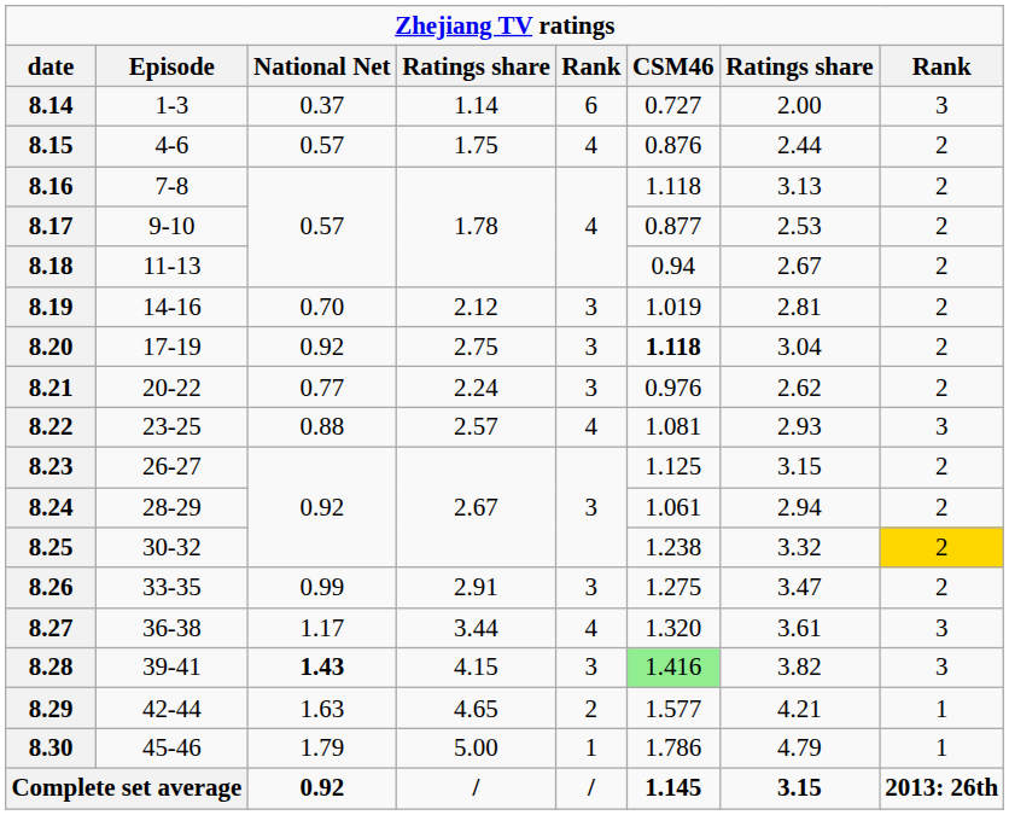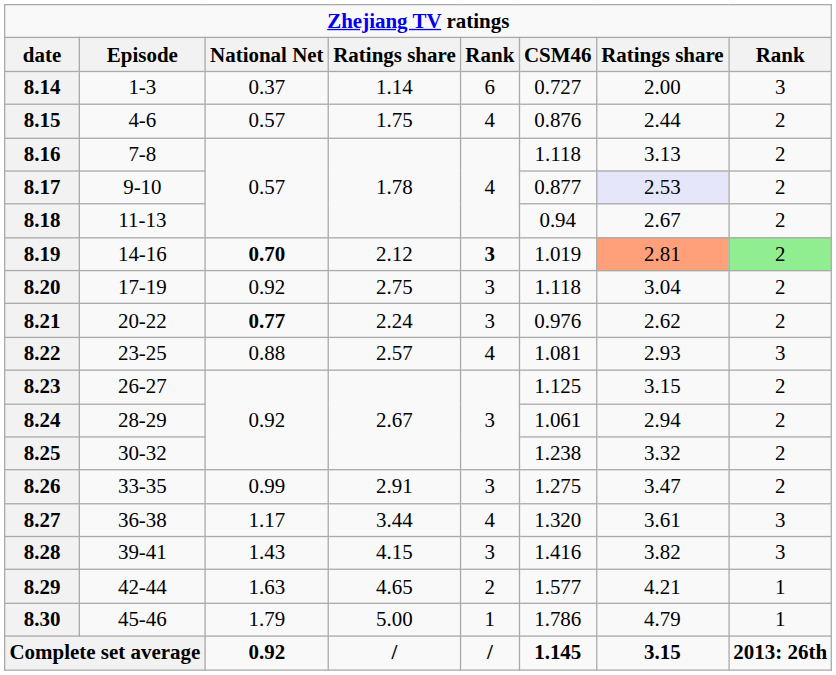 <table class="wikitable sortable mw-collapsible jquery-tablesorter" style="text-align:center">
 <tr>
 <td colspan="8"><strong><a href='#'>Zhejiang TV</a> ratings</strong></td>
 </tr>
 <tr>
 <th>date</th>
 <th>Episode</th>
 <th>National Net</th>
 <th>Ratings share</th>
 <th>Rank</th>
 <th>CSM46</th>
 <th>Ratings share</th>
 <th>Rank</th>
 </tr>
 <tr>
 <th>8.14</th>
 <td>1-3</td>
 <td>0.37</td>
 <td>1.14</td>
 <td>6</td>
 <td>0.727</td>
 <td>2.00</td>
 <td>3</td>
 </tr>
 <tr>
 <th>8.15</th>
 <td>4-6</td>
 <td>0.57</td>
 <td>1.75</td>
 <td>4</td>
 <td>0.876</td>
 <td>2.44</td>
 <td>2</td>
 </tr>
 <tr>
 <th>8.16</th>
 <td>7-8</td>
 <td rowspan="3">0.57</td>
 <td rowspan="3">1.78</td>
 <td rowspan="3">4</td>
 <td>1.118</td>
 <td>3.13</td>
 <td>2</td>
 </tr>
 <tr>
 <th>8.17</th>
 <td>9-10</td>
 <td>0.877</td>
-<td>2.53</td>
+<td style="background: lavender;">2.53</td>
 <td>2</td>
 </tr>
 <tr>
 <th>8.18</th>
 <td>11-13</td>
 <td>0.94</td>
 <td>2.67</td>
 <td>2</td>
 </tr>
 <tr>
 <th>8.19</th>
 <td>14-16</td>
-<td>0.70</td>
+<td><strong>0.70</strong></td>
 <td>2.12</td>
-<td>3</td>
+<td><strong>3</strong></td>
 <td>1.019</td>
-<td>2.81</td>
-<td>2</td>
+<td style="background: lightsalmon;">2.81</td>
+<td style="background: lightgreen;">2</td>
 </tr>
 <tr>
 <th>8.20</th>
 <td>17-19</td>
 <td>0.92</td>
 <td>2.75</td>
 <td>3</td>
-<td><strong>1.118</strong></td>
+<td>1.118</td>
 <td>3.04</td>
 <td>2</td>
 </tr>
 <tr>
 <th>8.21</th>
 <td>20-22</td>
-<td>0.77</td>
+<td><strong>0.77</strong></td>
 <td>2.24</td>
 <td>3</td>
 <td>0.976</td>
 <td>2.62</td>
 <td>2</td>
 </tr>
 <tr>
 <th>8.22</th>
 <td>23-25</td>
 <td>0.88</td>
 <td>2.57</td>
 <td>4</td>
 <td>1.081</td>
 <td>2.93</td>
 <td>3</td>
 </tr>
 <tr>
 <th>8.23</th>
 <td>26-27</td>
 <td rowspan="3">0.92</td>
 <td rowspan="3">2.67</td>
 <td rowspan="3">3</td>
 <td>1.125</td>
 <td>3.15</td>
 <td>2</td>
 </tr>
 <tr>
 <th>8.24</th>
 <td>28-29</td>
 <td>1.061</td>
 <td>2.94</td>
 <td>2</td>
 </tr>
 <tr>
 <th>8.25</th>
 <td>30-32</td>
 <td>1.238</td>
 <td>3.32</td>
-<td style="background: gold;">2</td>
+<td>2</td>
 </tr>
 <tr>
 <th>8.26</th>
 <td>33-35</td>
 <td>0.99</td>
 <td>2.91</td>
 <td>3</td>
 <td>1.275</td>
 <td>3.47</td>
 <td>2</td>
 </tr>
 <tr>
 <th>8.27</th>
 <td>36-38</td>
 <td>1.17</td>
 <td>3.44</td>
 <td>4</td>
 <td>1.320</td>
 <td>3.61</td>
 <td>3</td>
 </tr>
 <tr>
 <th>8.28</th>
 <td>39-41</td>
-<td><strong>1.43</strong></td>
+<td>1.43</td>
 <td>4.15</td>
 <td>3</td>
-<td style="background: lightgreen;">1.416</td>
+<td>1.416</td>
 <td>3.82</td>
 <td>3</td>
 </tr>
 <tr>
 <th>8.29</th>
 <td>42-44</td>
 <td>1.63</td>
 <td>4.65</td>
 <td>2</td>
 <td>1.577</td>
 <td>4.21</td>
 <td>1</td>
 </tr>
 <tr>
 <th>8.30</th>
 <td>45-46</td>
 <td>1.79</td>
 <td>5.00</td>
 <td>1</td>
 <td>1.786</td>
 <td>4.79</td>
 <td>1</td>
 </tr>
 <tr>
 <th colspan="2"><strong>Complete set average</strong></th>
 <td><strong>0.92</strong></td>
 <td><strong>/</strong></td>
 <td><strong>/</strong></td>
 <td><strong>1.145</strong></td>
 <td><strong>3.15</strong></td>
 <td><strong>2013: 26th</strong></td>
 </tr>
 </table>
